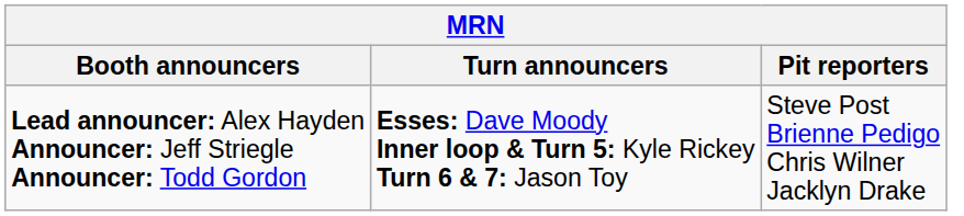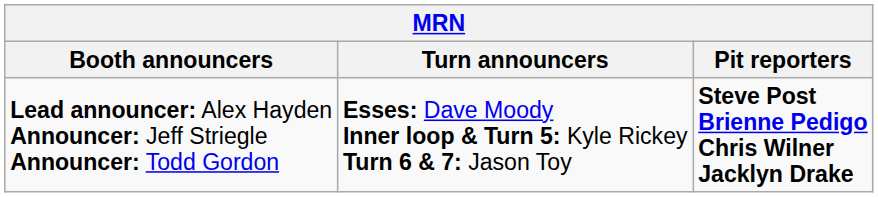 <table class="wikitable" style="font-size: 95%;">
 <tr>
 <th colspan="3"><a href='#'>MRN</a></th>
 </tr>
 <tr>
 <th>Booth announcers</th>
 <th>Turn announcers</th>
 <th>Pit reporters</th>
 </tr>
 <tr>
 <td><strong>Lead announcer:</strong> Alex Hayden<br><strong>Announcer:</strong> Jeff Striegle<br><strong>Announcer:</strong> <a href='#'>Todd Gordon</a></td>
 <td><strong>Esses:</strong> <a href='#'>Dave Moody</a> <br><strong>Inner loop & Turn 5:</strong> Kyle Rickey<br><strong>Turn 6 & 7:</strong> Jason Toy</td>
-<td>Steve Post<br><a href='#'>Brienne Pedigo</a><br>Chris Wilner<br>Jacklyn Drake</td>
+<td><strong>Steve Post<br><a href='#'>Brienne Pedigo</a><br>Chris Wilner<br>Jacklyn Drake</strong></td>
 </tr>
 </table>
